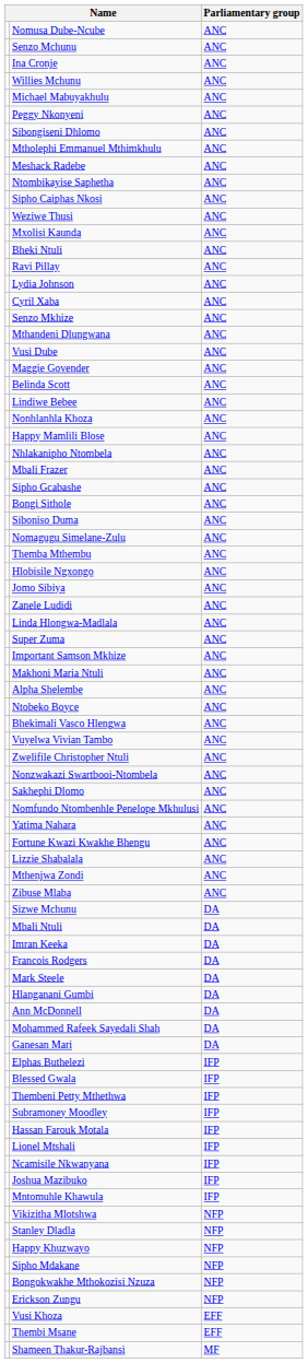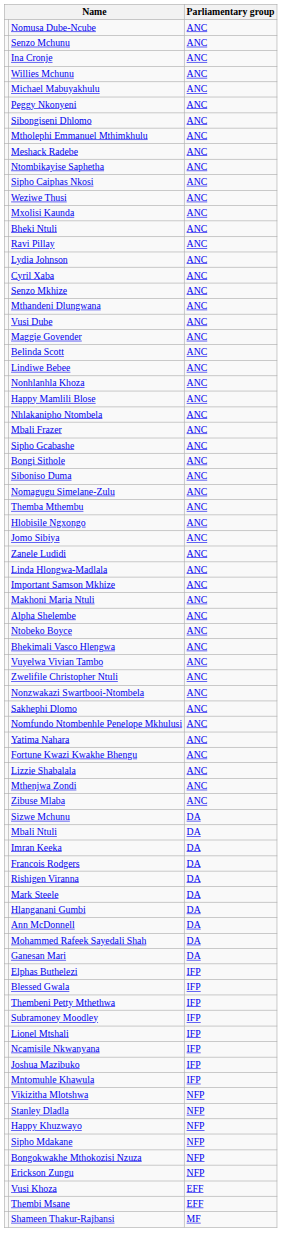 <table class="wikitable sortable plainrowheaders">
 <tr>
 <th colspan="2" scope="col">Name</th>
 <th scope="col">Parliamentary group</th>
 </tr>
 <tr>
 <td style="background-color: "></td>
 <td><a href='#'>Nomusa Dube-Ncube</a></td>
 <td><a href='#'>ANC</a></td>
 </tr>
 <tr>
 <td style="background-color: "></td>
 <td><a href='#'>Senzo Mchunu</a></td>
 <td><a href='#'>ANC</a></td>
 </tr>
 <tr>
 <td style="background-color: "></td>
 <td><a href='#'>Ina Cronje</a></td>
 <td><a href='#'>ANC</a></td>
 </tr>
 <tr>
 <td style="background-color: "></td>
 <td><a href='#'>Willies Mchunu</a></td>
 <td><a href='#'>ANC</a></td>
 </tr>
 <tr>
 <td style="background-color: "></td>
 <td><a href='#'>Michael Mabuyakhulu</a></td>
 <td><a href='#'>ANC</a></td>
 </tr>
 <tr>
 <td style="background-color: "></td>
 <td><a href='#'>Peggy Nkonyeni</a></td>
 <td><a href='#'>ANC</a></td>
 </tr>
 <tr>
 <td style="background-color: "></td>
 <td><a href='#'>Sibongiseni Dhlomo</a></td>
 <td><a href='#'>ANC</a></td>
 </tr>
 <tr>
 <td style="background-color: "></td>
 <td><a href='#'>Mtholephi Emmanuel Mthimkhulu</a></td>
 <td><a href='#'>ANC</a></td>
 </tr>
 <tr>
 <td style="background-color: "></td>
 <td><a href='#'>Meshack Radebe</a></td>
 <td><a href='#'>ANC</a></td>
 </tr>
 <tr>
 <td style="background-color: "></td>
 <td><a href='#'>Ntombikayise Saphetha</a></td>
 <td><a href='#'>ANC</a></td>
 </tr>
 <tr>
 <td style="background-color: "></td>
 <td><a href='#'>Sipho Caiphas Nkosi</a></td>
 <td><a href='#'>ANC</a></td>
 </tr>
 <tr>
 <td style="background-color: "></td>
 <td><a href='#'>Weziwe Thusi</a></td>
 <td><a href='#'>ANC</a></td>
 </tr>
 <tr>
 <td style="background-color: "></td>
 <td><a href='#'>Mxolisi Kaunda</a></td>
 <td><a href='#'>ANC</a></td>
 </tr>
 <tr>
 <td style="background-color: "></td>
 <td><a href='#'>Bheki Ntuli</a></td>
 <td><a href='#'>ANC</a></td>
 </tr>
 <tr>
 <td style="background-color: "></td>
 <td><a href='#'>Ravi Pillay</a></td>
 <td><a href='#'>ANC</a></td>
 </tr>
 <tr>
 <td style="background-color: "></td>
 <td><a href='#'>Lydia Johnson</a></td>
 <td><a href='#'>ANC</a></td>
 </tr>
 <tr>
 <td style="background-color: "></td>
 <td><a href='#'>Cyril Xaba</a></td>
 <td><a href='#'>ANC</a></td>
 </tr>
 <tr>
 <td style="background-color: "></td>
 <td><a href='#'>Senzo Mkhize</a></td>
 <td><a href='#'>ANC</a></td>
 </tr>
 <tr>
 <td style="background-color: "></td>
 <td><a href='#'>Mthandeni Dlungwana</a></td>
 <td><a href='#'>ANC</a></td>
 </tr>
 <tr>
 <td style="background-color: "></td>
 <td><a href='#'>Vusi Dube</a></td>
 <td><a href='#'>ANC</a></td>
 </tr>
 <tr>
 <td style="background-color: "></td>
 <td><a href='#'>Maggie Govender</a></td>
 <td><a href='#'>ANC</a></td>
 </tr>
 <tr>
 <td style="background-color: "></td>
 <td><a href='#'>Belinda Scott</a></td>
 <td><a href='#'>ANC</a></td>
 </tr>
 <tr>
 <td style="background-color: "></td>
 <td><a href='#'>Lindiwe Bebee</a></td>
 <td><a href='#'>ANC</a></td>
 </tr>
 <tr>
 <td style="background-color: "></td>
 <td><a href='#'>Nonhlanhla Khoza</a></td>
 <td><a href='#'>ANC</a></td>
 </tr>
 <tr>
 <td style="background-color: "></td>
 <td><a href='#'>Happy Mamlili Blose</a></td>
 <td><a href='#'>ANC</a></td>
 </tr>
 <tr>
 <td style="background-color: "></td>
 <td><a href='#'>Nhlakanipho Ntombela</a></td>
 <td><a href='#'>ANC</a></td>
 </tr>
 <tr>
 <td style="background-color: "></td>
 <td><a href='#'>Mbali Frazer</a></td>
 <td><a href='#'>ANC</a></td>
 </tr>
 <tr>
 <td style="background-color: "></td>
 <td><a href='#'>Sipho Gcabashe</a></td>
 <td><a href='#'>ANC</a></td>
 </tr>
 <tr>
 <td style="background-color: "></td>
 <td><a href='#'>Bongi Sithole</a></td>
 <td><a href='#'>ANC</a></td>
 </tr>
 <tr>
 <td style="background-color: "></td>
 <td><a href='#'>Siboniso Duma</a></td>
 <td><a href='#'>ANC</a></td>
 </tr>
 <tr>
 <td style="background-color: "></td>
 <td><a href='#'>Nomagugu Simelane-Zulu</a></td>
 <td><a href='#'>ANC</a></td>
 </tr>
 <tr>
 <td style="background-color: "></td>
 <td><a href='#'>Themba Mthembu</a></td>
 <td><a href='#'>ANC</a></td>
 </tr>
 <tr>
 <td style="background-color: "></td>
 <td><a href='#'>Hlobisile Ngxongo</a></td>
 <td><a href='#'>ANC</a></td>
 </tr>
 <tr>
 <td style="background-color: "></td>
 <td><a href='#'>Jomo Sibiya</a></td>
 <td><a href='#'>ANC</a></td>
 </tr>
 <tr>
 <td style="background-color: "></td>
 <td><a href='#'>Zanele Ludidi</a></td>
 <td><a href='#'>ANC</a></td>
 </tr>
 <tr>
 <td style="background-color: "></td>
 <td><a href='#'>Linda Hlongwa-Madlala</a></td>
 <td><a href='#'>ANC</a></td>
 </tr>
 <tr>
 <td style="background-color: "></td>
-<td><a href='#'>Super Zuma</a></td>
-<td><a href='#'>ANC</a></td>
-</tr>
-<tr>
-<td style="background-color: "></td>
 <td><a href='#'>Important Samson Mkhize</a></td>
 <td><a href='#'>ANC</a></td>
 </tr>
 <tr>
 <td style="background-color: "></td>
 <td><a href='#'>Makhoni Maria Ntuli</a></td>
 <td><a href='#'>ANC</a></td>
 </tr>
 <tr>
 <td style="background-color: "></td>
 <td><a href='#'>Alpha Shelembe</a></td>
 <td><a href='#'>ANC</a></td>
 </tr>
 <tr>
 <td style="background-color: "></td>
 <td><a href='#'>Ntobeko Boyce</a></td>
 <td><a href='#'>ANC</a></td>
 </tr>
 <tr>
 <td style="background-color: "></td>
 <td><a href='#'>Bhekimali Vasco Hlengwa</a></td>
 <td><a href='#'>ANC</a></td>
 </tr>
 <tr>
 <td style="background-color: "></td>
 <td><a href='#'>Vuyelwa Vivian Tambo</a></td>
 <td><a href='#'>ANC</a></td>
 </tr>
 <tr>
 <td style="background-color: "></td>
 <td><a href='#'>Zwelifile Christopher Ntuli</a></td>
 <td><a href='#'>ANC</a></td>
 </tr>
 <tr>
 <td style="background-color: "></td>
 <td><a href='#'>Nonzwakazi Swartbooi-Ntombela</a></td>
 <td><a href='#'>ANC</a></td>
 </tr>
 <tr>
 <td style="background-color: "></td>
 <td><a href='#'>Sakhephi Dlomo</a></td>
 <td><a href='#'>ANC</a></td>
 </tr>
 <tr>
 <td style="background-color: "></td>
 <td><a href='#'>Nomfundo Ntombenhle Penelope Mkhulusi</a></td>
 <td><a href='#'>ANC</a></td>
 </tr>
 <tr>
 <td style="background-color: "></td>
 <td><a href='#'>Yatima Nahara</a></td>
 <td><a href='#'>ANC</a></td>
 </tr>
 <tr>
 <td style="background-color: "></td>
 <td><a href='#'>Fortune Kwazi Kwakhe Bhengu</a></td>
 <td><a href='#'>ANC</a></td>
 </tr>
 <tr>
 <td style="background-color: "></td>
 <td><a href='#'>Lizzie Shabalala</a></td>
 <td><a href='#'>ANC</a></td>
 </tr>
 <tr>
 <td style="background-color: "></td>
 <td><a href='#'>Mthenjwa Zondi</a></td>
 <td><a href='#'>ANC</a></td>
 </tr>
 <tr>
 <td style="background-color: "></td>
 <td><a href='#'>Zibuse Mlaba</a></td>
 <td><a href='#'>ANC</a></td>
 </tr>
 <tr>
 <td style="background-color: "></td>
 <td><a href='#'>Sizwe Mchunu</a></td>
 <td><a href='#'>DA</a></td>
 </tr>
 <tr>
 <td style="background-color: "></td>
 <td><a href='#'>Mbali Ntuli</a></td>
 <td><a href='#'>DA</a></td>
 </tr>
 <tr>
 <td style="background-color: "></td>
 <td><a href='#'>Imran Keeka</a></td>
 <td><a href='#'>DA</a></td>
 </tr>
 <tr>
 <td style="background-color: "></td>
 <td><a href='#'>Francois Rodgers</a></td>
 <td><a href='#'>DA</a></td>
 </tr>
 <tr>
 <td style="background-color: "></td>
+<td><a href='#'>Rishigen Viranna</a></td>
+<td><a href='#'>DA</a></td>
+</tr>
+<tr>
+<td style="background-color: "></td>
 <td><a href='#'>Mark Steele</a></td>
 <td><a href='#'>DA</a></td>
 </tr>
 <tr>
 <td style="background-color: "></td>
 <td><a href='#'>Hlanganani Gumbi</a></td>
 <td><a href='#'>DA</a></td>
 </tr>
 <tr>
 <td style="background-color: "></td>
 <td><a href='#'>Ann McDonnell</a></td>
 <td><a href='#'>DA</a></td>
 </tr>
 <tr>
 <td style="background-color: "></td>
 <td><a href='#'>Mohammed Rafeek Sayedali Shah</a></td>
 <td><a href='#'>DA</a></td>
 </tr>
 <tr>
 <td style="background-color: "></td>
 <td><a href='#'>Ganesan Mari</a></td>
 <td><a href='#'>DA</a></td>
 </tr>
 <tr>
 <td style="background-color: "></td>
 <td><a href='#'>Elphas Buthelezi</a></td>
 <td><a href='#'>IFP</a></td>
 </tr>
 <tr>
 <td style="background-color: "></td>
 <td><a href='#'>Blessed Gwala</a></td>
 <td><a href='#'>IFP</a></td>
 </tr>
 <tr>
 <td style="background-color: "></td>
 <td><a href='#'>Thembeni Petty Mthethwa</a></td>
 <td><a href='#'>IFP</a></td>
 </tr>
 <tr>
 <td style="background-color: "></td>
 <td><a href='#'>Subramoney Moodley</a></td>
-<td><a href='#'>IFP</a></td>
-</tr>
-<tr>
-<td style="background-color: "></td>
-<td><a href='#'>Hassan Farouk Motala</a></td>
 <td><a href='#'>IFP</a></td>
 </tr>
 <tr>
 <td style="background-color: "></td>
 <td><a href='#'>Lionel Mtshali</a></td>
 <td><a href='#'>IFP</a></td>
 </tr>
 <tr>
 <td style="background-color: "></td>
 <td><a href='#'>Ncamisile Nkwanyana</a></td>
 <td><a href='#'>IFP</a></td>
 </tr>
 <tr>
 <td style="background-color: "></td>
 <td><a href='#'>Joshua Mazibuko</a></td>
 <td><a href='#'>IFP</a></td>
 </tr>
 <tr>
 <td style="background-color: "></td>
 <td><a href='#'>Mntomuhle Khawula</a></td>
 <td><a href='#'>IFP</a></td>
 </tr>
 <tr>
 <td style="background-color: "></td>
 <td><a href='#'>Vikizitha Mlotshwa</a></td>
 <td><a href='#'>NFP</a></td>
 </tr>
 <tr>
 <td style="background-color: "></td>
 <td><a href='#'>Stanley Dladla</a></td>
 <td><a href='#'>NFP</a></td>
 </tr>
 <tr>
 <td style="background-color: "></td>
 <td><a href='#'>Happy Khuzwayo</a></td>
 <td><a href='#'>NFP</a></td>
 </tr>
 <tr>
 <td style="background-color: "></td>
 <td><a href='#'>Sipho Mdakane</a></td>
 <td><a href='#'>NFP</a></td>
 </tr>
 <tr>
 <td style="background-color: "></td>
 <td><a href='#'>Bongokwakhe Mthokozisi Nzuza</a></td>
 <td><a href='#'>NFP</a></td>
 </tr>
 <tr>
 <td style="background-color: "></td>
 <td><a href='#'>Erickson Zungu</a></td>
 <td><a href='#'>NFP</a></td>
 </tr>
 <tr>
 <td style="background-color: "></td>
 <td><a href='#'>Vusi Khoza</a></td>
 <td><a href='#'>EFF</a></td>
 </tr>
 <tr>
 <td style="background-color: "></td>
 <td><a href='#'>Thembi Msane</a></td>
 <td><a href='#'>EFF</a></td>
 </tr>
 <tr>
 <td style="background-color: "></td>
 <td><a href='#'>Shameen Thakur-Rajbansi</a></td>
 <td><a href='#'>MF</a></td>
 </tr>
 </table>
